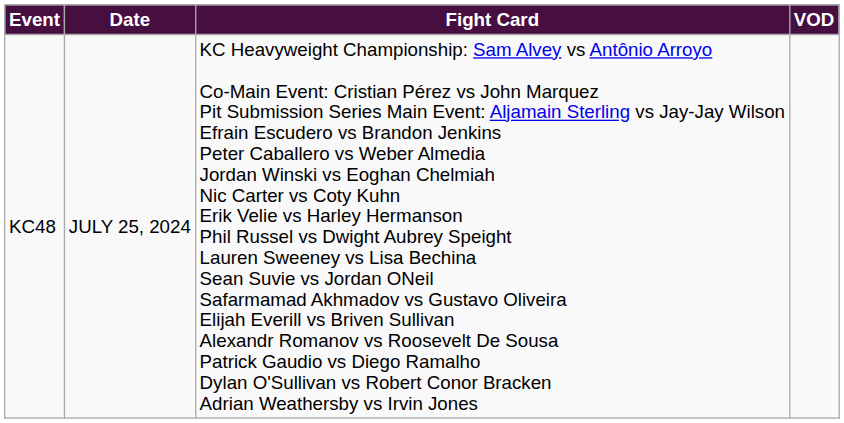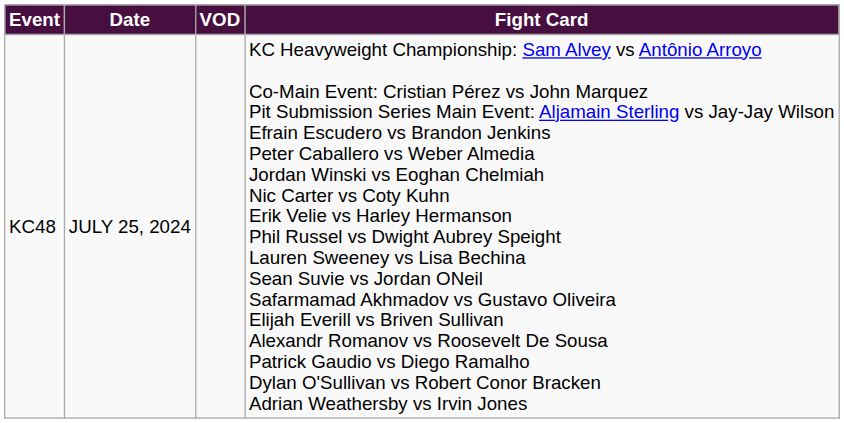 <table class="sortable wikitable succession-box" style="font-size:90%;">
 <tr>
 <th scope="col" style="background:#470f40; color:white;">Event</th>
 <th scope="col" style="background:#470f40; color:white;">Date</th>
+<th scope="col" style="background:#470f40; color:white;">VOD</th>
 <th scope="col" style="background:#470f40; color:white;">Fight Card</th>
-<th scope="col" style="background:#470f40; color:white;">VOD</th>
 </tr>
 <tr>
 <td>KC48</td>
 <td>JULY 25, 2024</td>
+<td></td>
 <td>KC Heavyweight Championship: <a href='#'>Sam Alvey</a> vs <a href='#'>Antônio Arroyo</a><br><br>Co-Main Event: Cristian Pérez vs John Marquez<br> Pit Submission Series Main Event: <a href='#'>Aljamain Sterling</a> vs Jay-Jay Wilson<br> Efrain Escudero vs Brandon Jenkins<br>  Peter Caballero vs Weber Almedia<br> Jordan Winski vs Eoghan Chelmiah<br>Nic Carter vs Coty Kuhn <br> Erik Velie vs Harley Hermanson <br> Phil Russel vs Dwight Aubrey Speight <br> Lauren Sweeney vs Lisa Bechina <br> Sean Suvie vs Jordan ONeil <br> Safarmamad Akhmadov vs Gustavo Oliveira <br> Elijah Everill vs Briven Sullivan <br> Alexandr Romanov vs Roosevelt De Sousa <br> Patrick Gaudio vs Diego Ramalho<br>Dylan O'Sullivan vs Robert Conor Bracken <br> Adrian Weathersby vs Irvin Jones</td>
-<td></td>
 </tr>
 </table>
